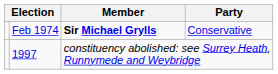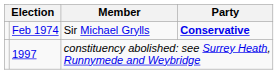 <table class="wikitable">
 <tr>
 <th colspan="2">Election</th>
 <th>Member</th>
 <th>Party</th>
 </tr>
 <tr>
 <td style="color:inherit;background-color: "></td>
 <td><a href='#'>Feb 1974</a></td>
-<td><strong>Sir <a href='#'>Michael Grylls</a></strong></td>
-<td><a href='#'>Conservative</a></td>
+<td>Sir <a href='#'>Michael Grylls</a></td>
+<td><strong><a href='#'>Conservative</a></strong></td>
 </tr>
 <tr>
 <td></td>
 <td><a href='#'>1997</a></td>
 <td colspan="2"><em>constituency abolished: see <a href='#'>Surrey Heath</a>,<br> <a href='#'>Runnymede and Weybridge</a></em></td>
 </tr>
 </table>
